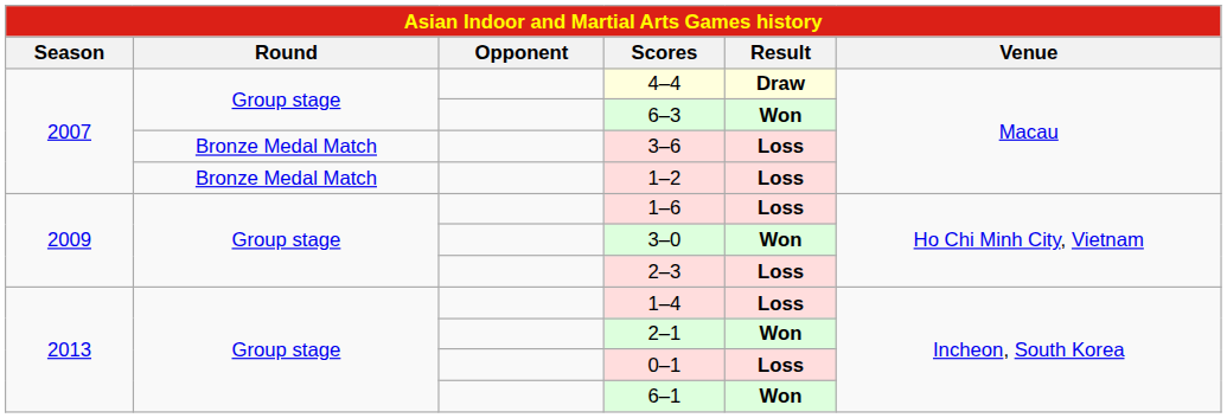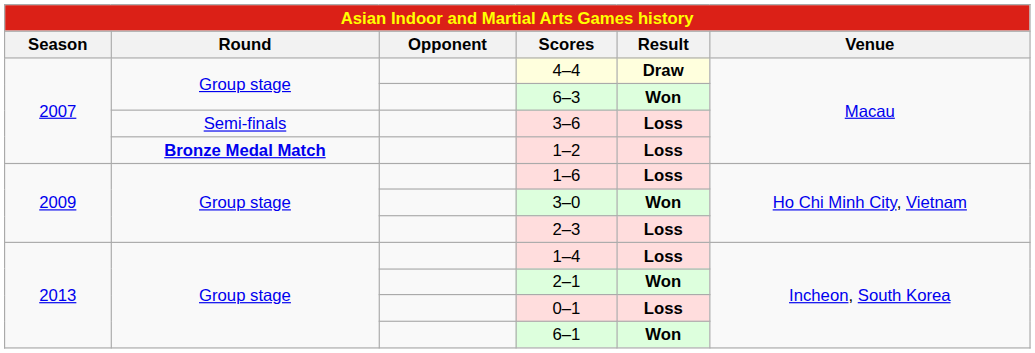 <table class="wikitable collapsible collapsed" style="text-align:center; font-size:90%; width:70%;">
 <tr>
 <th colspan="6" style="background: #DB2017; color: #FFFF00;">Asian Indoor and Martial Arts Games history</th>
 </tr>
 <tr>
 <th>Season</th>
 <th>Round</th>
 <th>Opponent</th>
 <th>Scores</th>
 <th>Result</th>
 <th>Venue</th>
 </tr>
 <tr>
 <td rowspan=4><a href='#'>2007</a></td>
 <td rowspan=2><a href='#'>Group stage</a></td>
 <td style="text-align:left"></td>
 <td style="background:#ffd;">4–4</td>
 <td style="background:#ffd;"><strong>Draw</strong></td>
 <td rowspan=4> <a href='#'>Macau</a></td>
 </tr>
 <tr>
 <td style="text-align:left"></td>
 <td style="background:#dfd;">6–3</td>
 <td style="background:#dfd;"><strong>Won</strong></td>
 </tr>
 <tr>
-<td><a href='#'>Bronze Medal Match</a></td>
+<td><a href='#'>Semi-finals</a></td>
 <td style="text-align:left"></td>
 <td style="background:#fdd;">3–6</td>
 <td style="background:#fdd;"><strong>Loss</strong></td>
 </tr>
 <tr>
-<td><a href='#'>Bronze Medal Match</a></td>
+<td><strong><a href='#'>Bronze Medal Match</a></strong></td>
 <td style="text-align:left"></td>
 <td style="background:#fdd;">1–2</td>
 <td style="background:#fdd;"><strong>Loss</strong></td>
 </tr>
 <tr>
 <td rowspan=3><a href='#'>2009</a></td>
 <td rowspan=3><a href='#'>Group stage</a></td>
 <td style="text-align:left"></td>
 <td style="background:#fdd;">1–6</td>
 <td style="background:#fdd;"><strong>Loss</strong></td>
 <td rowspan=3> <a href='#'>Ho Chi Minh City</a>, <a href='#'>Vietnam</a></td>
 </tr>
 <tr>
 <td style="text-align:left"></td>
 <td style="background:#dfd;">3–0</td>
 <td style="background:#dfd;"><strong>Won</strong></td>
 </tr>
 <tr>
 <td style="text-align:left"></td>
 <td style="background:#fdd;">2–3</td>
 <td style="background:#fdd;"><strong>Loss</strong></td>
 </tr>
 <tr>
 <td rowspan=4><a href='#'>2013</a></td>
 <td rowspan=4><a href='#'>Group stage</a></td>
 <td style="text-align:left"></td>
 <td style="background:#fdd;">1–4</td>
 <td style="background:#fdd;"><strong>Loss</strong></td>
 <td rowspan=4> <a href='#'>Incheon</a>, <a href='#'>South Korea</a></td>
 </tr>
 <tr>
 <td style="text-align:left"></td>
 <td style="background:#dfd;">2–1</td>
 <td style="background:#dfd;"><strong>Won</strong></td>
 </tr>
 <tr>
 <td style="text-align:left"></td>
 <td style="background:#fdd;">0–1</td>
 <td style="background:#fdd;"><strong>Loss</strong></td>
 </tr>
 <tr>
 <td style="text-align:left"></td>
 <td style="background:#dfd;">6–1</td>
 <td style="background:#dfd;"><strong>Won</strong></td>
 </tr>
 </table>
